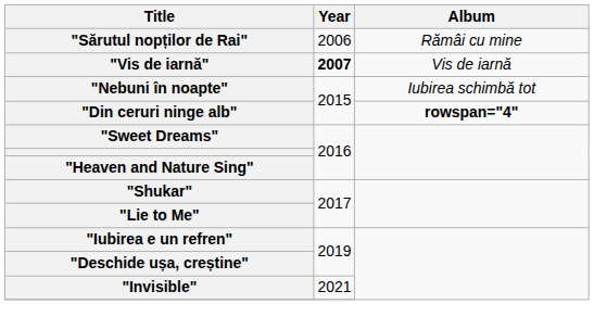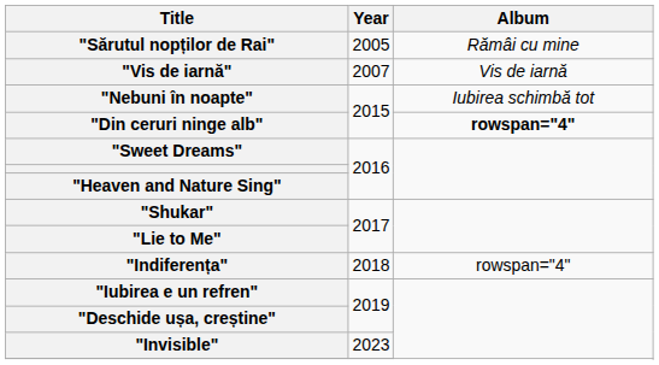 <table class="wikitable plainrowheaders" style="text-align:center;">
 <tr>
 <th scope="col" style="width:20em;">Title</th>
 <th scope="col">Year</th>
 <th scope="col" style="width:15em;">Album</th>
 </tr>
 <tr>
 <th scope="row">"Sărutul nopților de Rai"<br></th>
-<td>2006</td>
+<td>2005</td>
 <td><em>Rămâi cu mine</em></td>
 </tr>
 <tr>
 <th scope="row">"Vis de iarnă"</th>
-<td><strong>2007</strong></td>
+<td>2007</td>
 <td><em>Vis de iarnă</em></td>
 </tr>
 <tr>
 <th scope="row">"Nebuni în noapte"</th>
 <td rowspan="2">2015</td>
 <td><em>Iubirea schimbă tot</em></td>
 </tr>
 <tr>
 <th scope="row">"Din ceruri ninge alb"</th>
 <td><strong>rowspan="4" </strong></td>
 </tr>
 <tr>
 <th scope="row">"Sweet Dreams"<br></th>
 <td rowspan="3">2016</td>
 </tr>
 <tr>
 <th scope="row"></th>
 </tr>
 <tr>
 <th scope="row">"Heaven and Nature Sing"</th>
 </tr>
 <tr>
 <th scope="row">"Shukar"</th>
 <td rowspan="2">2017</td>
 <td rowspan="2"></td>
 </tr>
 <tr>
 <th scope="row">"Lie to Me"</th>
 </tr>
 <tr>
+<th scope="row">"Indiferența"</th>
+<td>2018</td>
+<td>rowspan="4" </td>
+</tr>
+<tr>
 <th scope="row">"Iubirea e un refren"</th>
 <td rowspan="2">2019</td>
 </tr>
 <tr>
 <th scope="row">"Deschide ușa, creștine"<br></th>
 </tr>
 <tr>
 <th scope="row">"Invisible"<br></th>
-<td>2021</td>
+<td>2023</td>
 </tr>
 <tr>
 </tr>
 </table>
